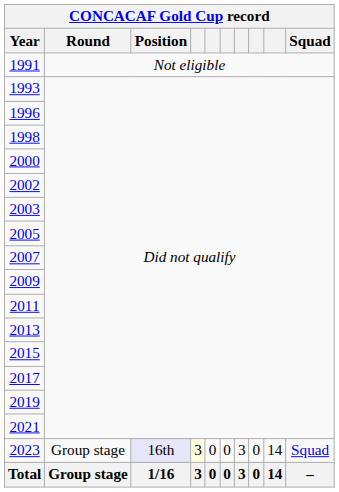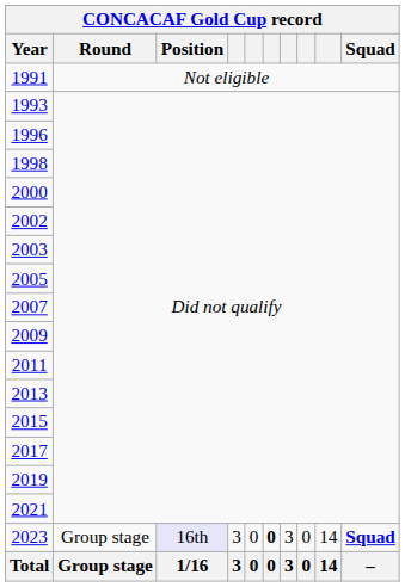 <table class="wikitable" style="text-align: center;">
 <tr>
 <th colspan=11><a href='#'>CONCACAF Gold Cup</a> record</th>
 </tr>
 <tr>
 <th>Year</th>
 <th>Round</th>
 <th>Position</th>
 <th></th>
 <th></th>
 <th></th>
 <th></th>
 <th></th>
 <th></th>
 <th>Squad</th>
 </tr>
 <tr>
 <td> <a href='#'>1991</a></td>
 <td colspan=9><em>Not eligible</em></td>
 </tr>
 <tr>
 <td>  <a href='#'>1993</a></td>
 <td colspan=9 rowspan=15><em>Did not qualify</em></td>
 </tr>
 <tr>
 <td> <a href='#'>1996</a></td>
 </tr>
 <tr>
 <td> <a href='#'>1998</a></td>
 </tr>
 <tr>
 <td> <a href='#'>2000</a></td>
 </tr>
 <tr>
 <td> <a href='#'>2002</a></td>
 </tr>
 <tr>
 <td>  <a href='#'>2003</a></td>
 </tr>
 <tr>
 <td> <a href='#'>2005</a></td>
 </tr>
 <tr>
 <td> <a href='#'>2007</a></td>
 </tr>
 <tr>
 <td> <a href='#'>2009</a></td>
 </tr>
 <tr>
 <td> <a href='#'>2011</a></td>
 </tr>
 <tr>
 <td> <a href='#'>2013</a></td>
 </tr>
 <tr>
 <td>  <a href='#'>2015</a></td>
 </tr>
 <tr>
 <td> <a href='#'>2017</a></td>
 </tr>
 <tr>
 <td>   <a href='#'>2019</a></td>
 </tr>
 <tr>
 <td> <a href='#'>2021</a></td>
 </tr>
 <tr>
 <td>  <a href='#'>2023</a></td>
 <td>Group stage</td>
 <td style="background: lavender;">16th</td>
-<td style="background: lightyellow;">3</td>
+<td>3</td>
 <td>0</td>
-<td>0</td>
+<td><strong>0</strong></td>
 <td>3</td>
 <td>0</td>
 <td>14</td>
-<td><a href='#'>Squad</a></td>
+<td><strong><a href='#'>Squad</a></strong></td>
 </tr>
 <tr>
 <th>Total</th>
 <th>Group stage</th>
 <th>1/16</th>
 <th>3</th>
 <th>0</th>
 <th>0</th>
 <th>3</th>
 <th>0</th>
 <th>14</th>
 <th>–</th>
 </tr>
 </table>
